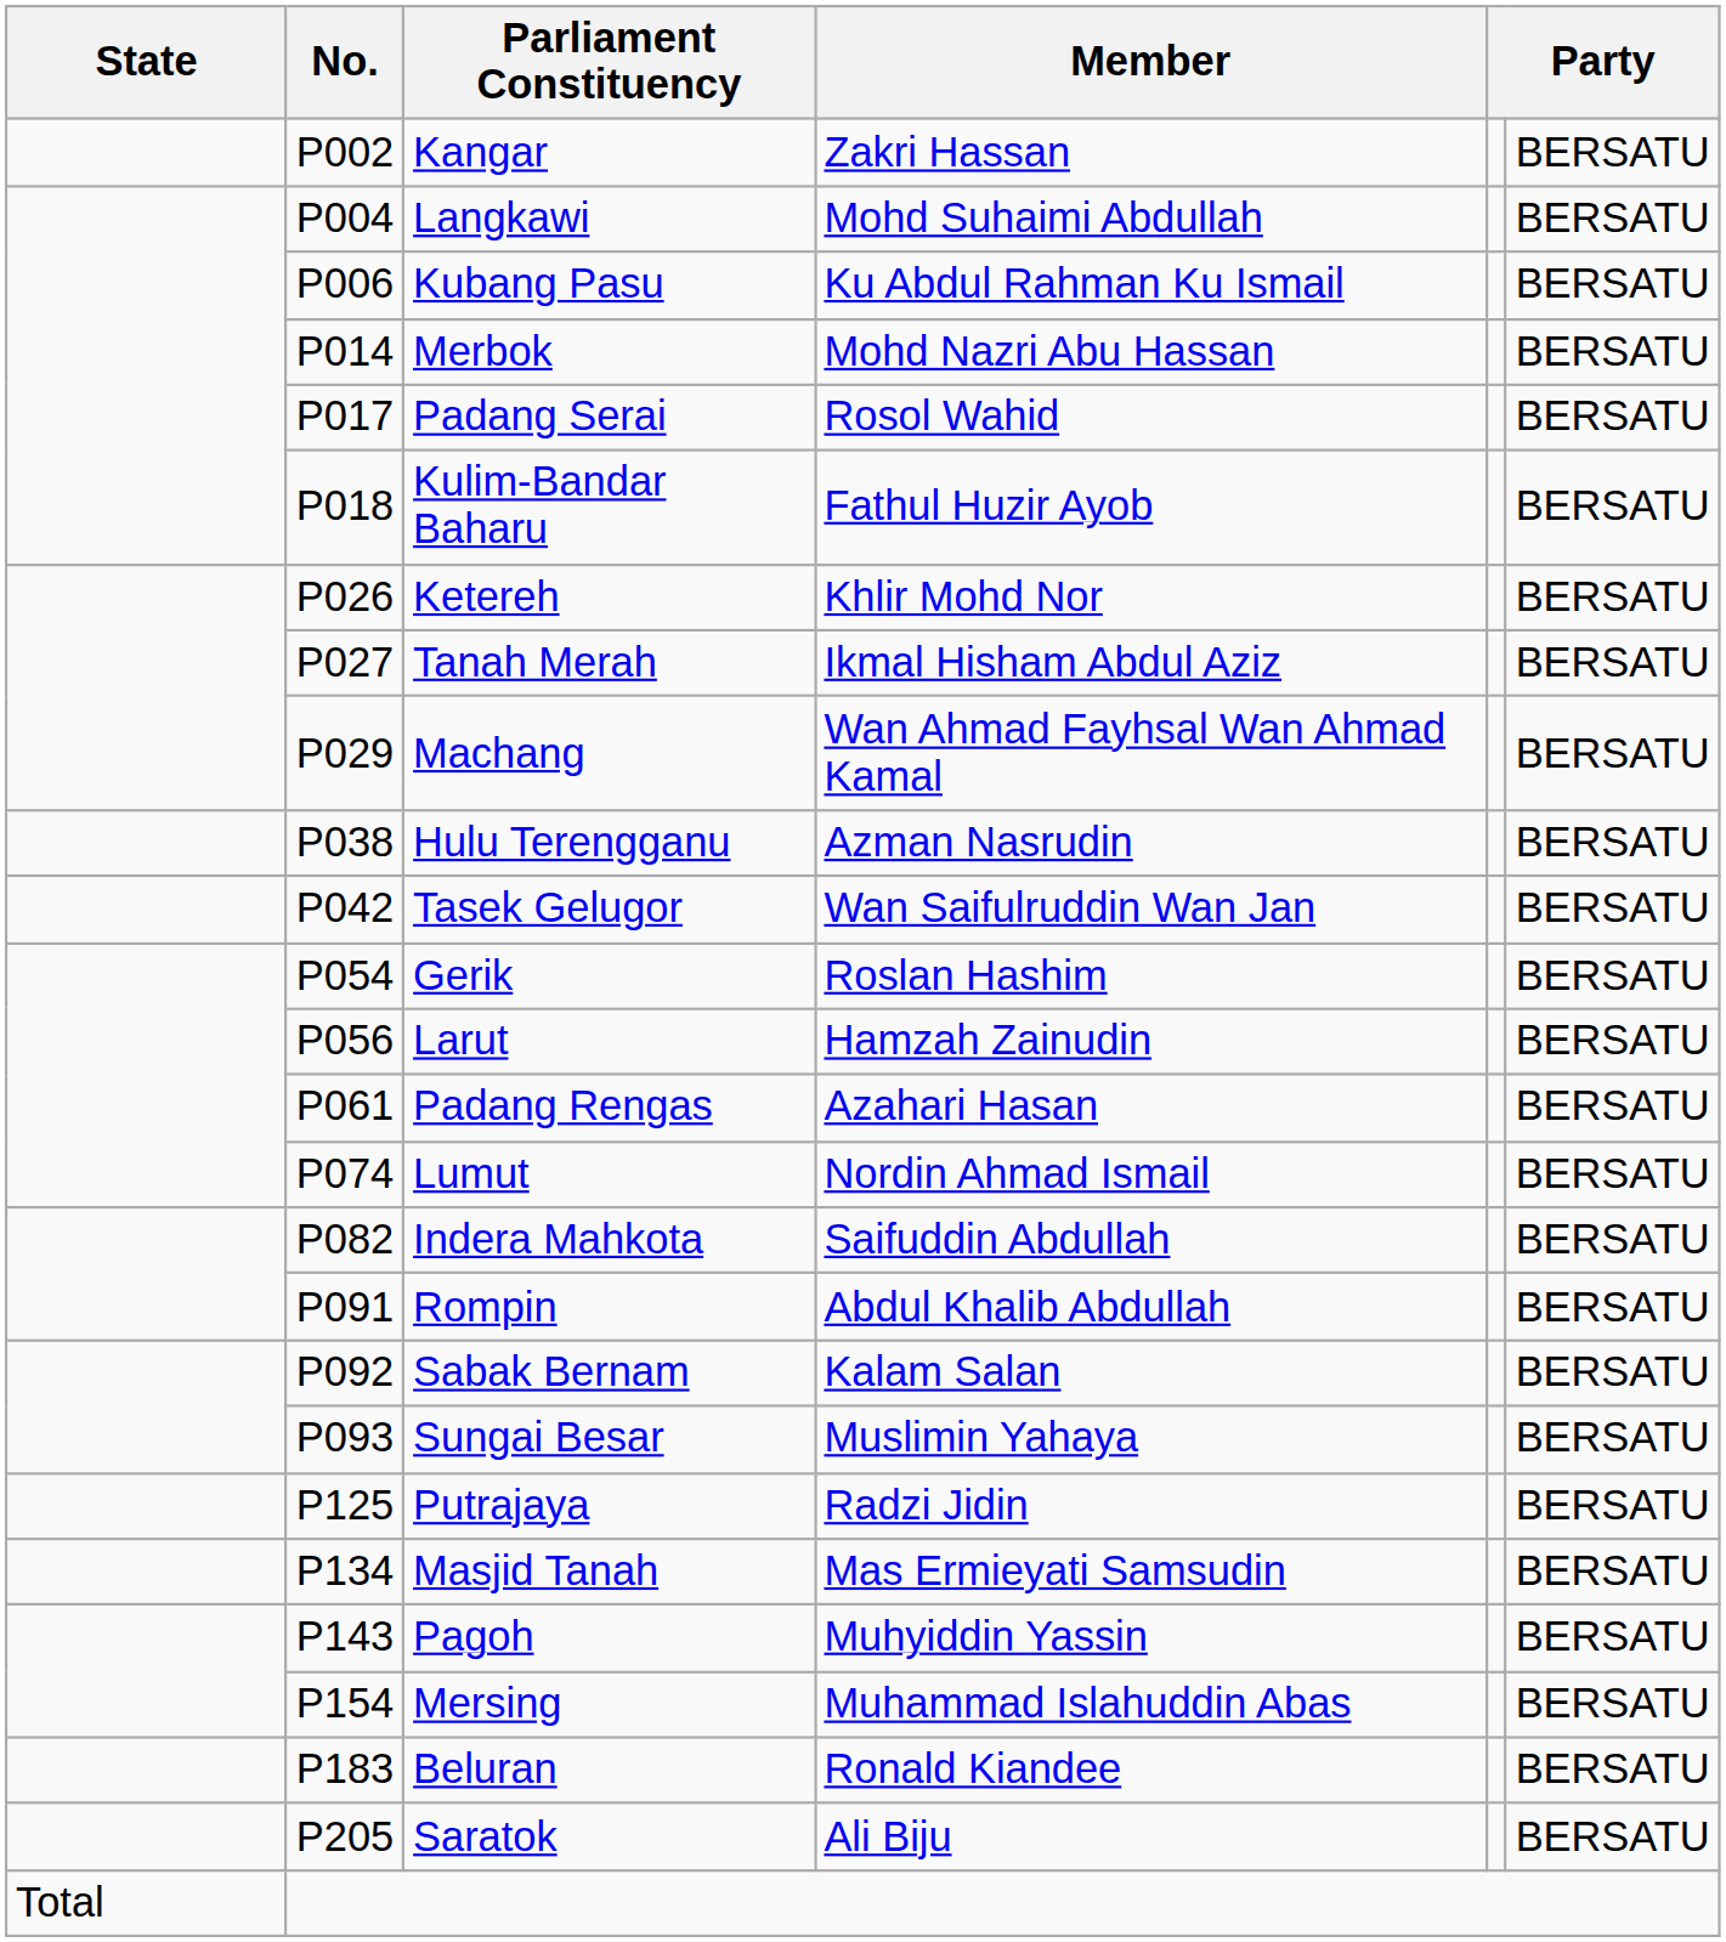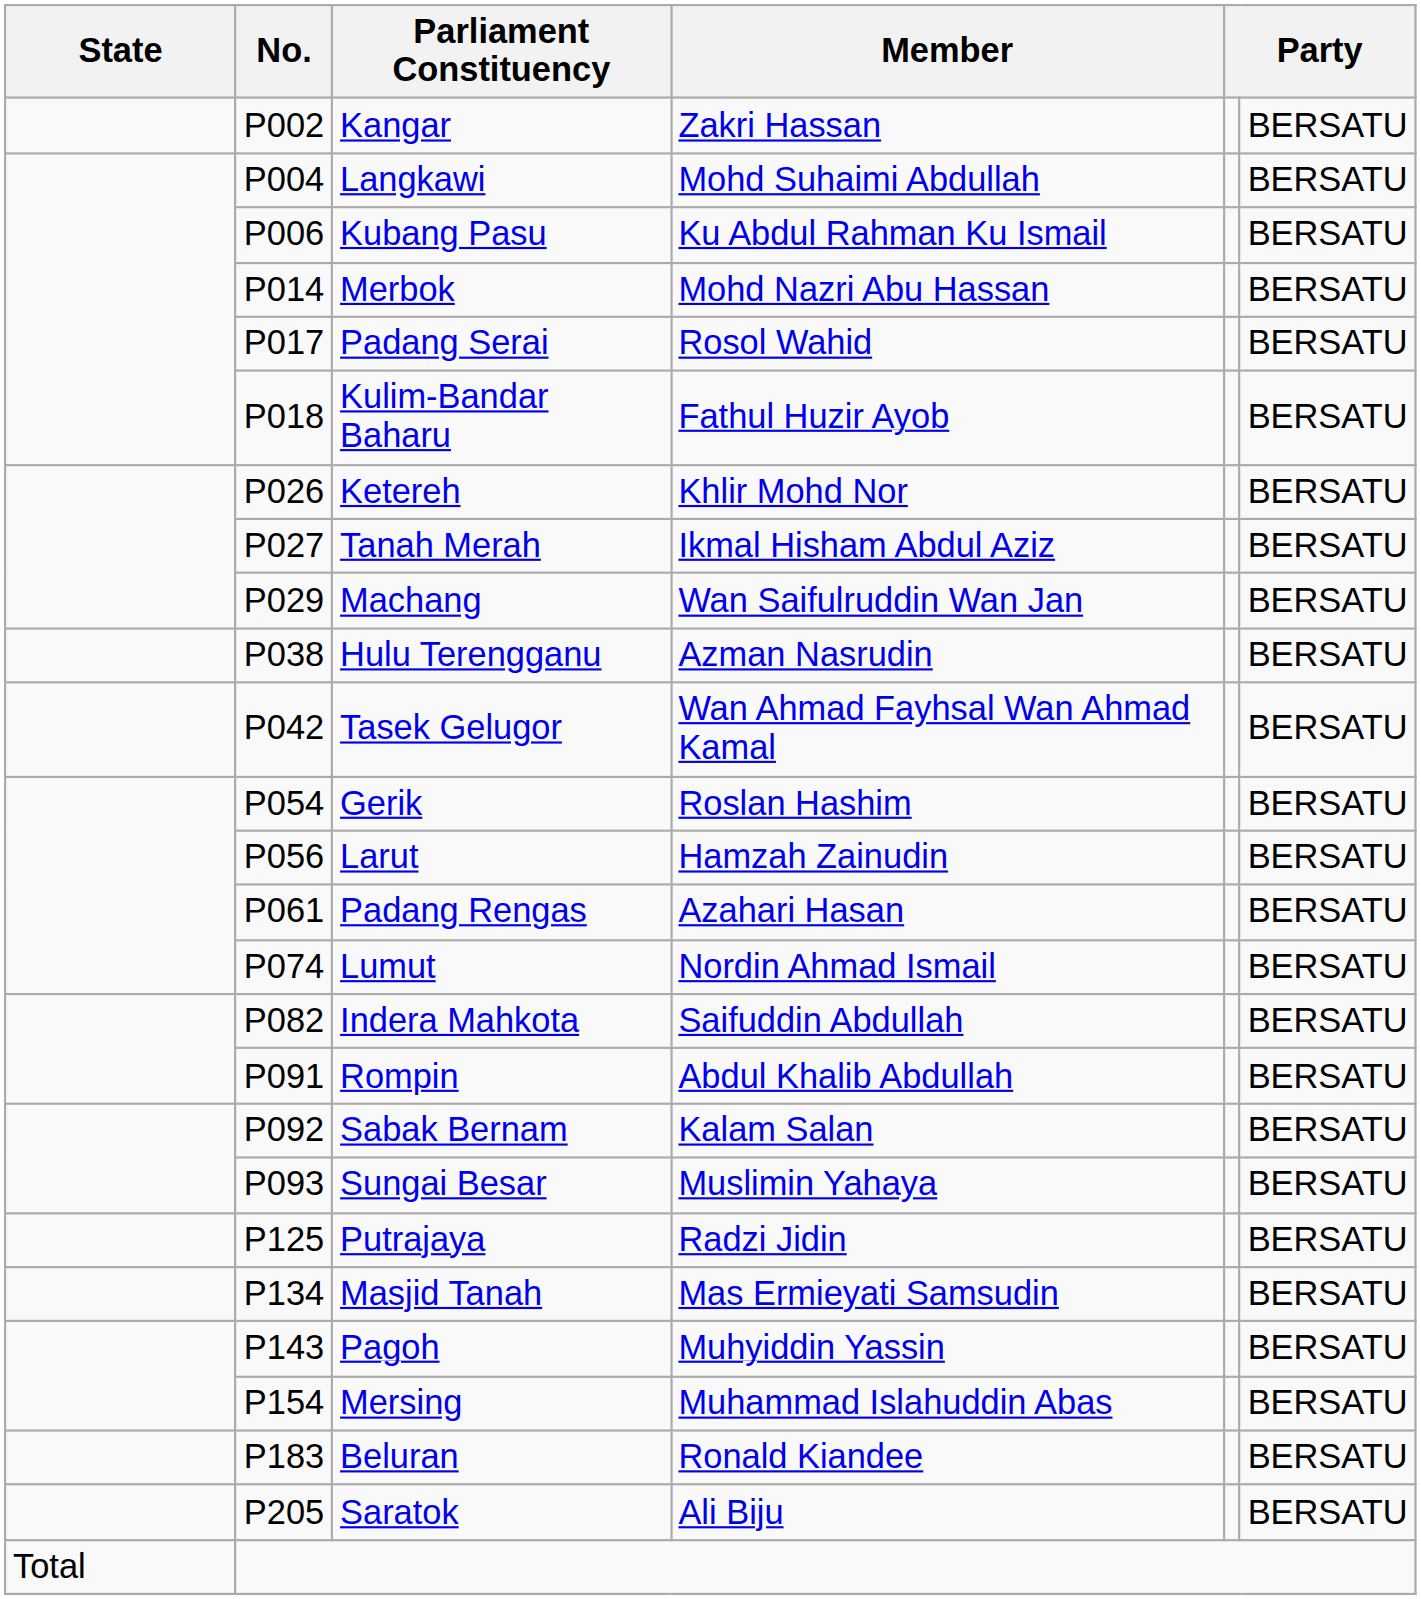 <table class ="wikitable sortable">
 <tr>
 <th style="width:100px;">State</th>
 <th style="width:30px;">No.</th>
 <th style="width:150px;">Parliament Constituency</th>
 <th style="width:250px;">Member</th>
 <th style="width:80px;" colspan=2>Party</th>
 </tr>
 <tr>
 <td rowspan=1></td>
 <td>P002</td>
 <td><a href='#'>Kangar</a></td>
 <td><a href='#'>Zakri Hassan</a></td>
 <td></td>
 <td>BERSATU</td>
 </tr>
 <tr>
 <td rowspan=5></td>
 <td>P004</td>
 <td><a href='#'>Langkawi</a></td>
 <td><a href='#'>Mohd Suhaimi Abdullah</a></td>
 <td></td>
 <td>BERSATU</td>
 </tr>
 <tr>
 <td>P006</td>
 <td><a href='#'>Kubang Pasu</a></td>
 <td><a href='#'>Ku Abdul Rahman Ku Ismail</a></td>
 <td></td>
 <td>BERSATU</td>
 </tr>
 <tr>
 <td>P014</td>
 <td><a href='#'>Merbok</a></td>
 <td><a href='#'>Mohd Nazri Abu Hassan</a></td>
 <td></td>
 <td>BERSATU</td>
 </tr>
 <tr>
 <td>P017</td>
 <td><a href='#'>Padang Serai</a></td>
 <td><a href='#'>Rosol Wahid</a></td>
 <td></td>
 <td>BERSATU</td>
 </tr>
 <tr>
 <td>P018</td>
 <td><a href='#'>Kulim-Bandar Baharu</a></td>
 <td><a href='#'>Fathul Huzir Ayob</a></td>
 <td></td>
 <td>BERSATU</td>
 </tr>
 <tr>
 <td rowspan=3></td>
 <td>P026</td>
 <td><a href='#'>Ketereh</a></td>
 <td><a href='#'>Khlir Mohd Nor</a></td>
 <td></td>
 <td>BERSATU</td>
 </tr>
 <tr>
 <td>P027</td>
 <td><a href='#'>Tanah Merah</a></td>
 <td><a href='#'>Ikmal Hisham Abdul Aziz</a></td>
 <td></td>
 <td>BERSATU</td>
 </tr>
 <tr>
 <td>P029</td>
 <td><a href='#'>Machang</a></td>
-<td><a href='#'>Wan Ahmad Fayhsal Wan Ahmad Kamal</a></td>
+<td><a href='#'>Wan Saifulruddin Wan Jan</a></td>
 <td></td>
 <td>BERSATU</td>
 </tr>
 <tr>
 <td></td>
 <td>P038</td>
 <td><a href='#'>Hulu Terengganu</a></td>
 <td><a href='#'>Azman Nasrudin</a></td>
 <td></td>
 <td>BERSATU</td>
 </tr>
 <tr>
 <td></td>
 <td>P042</td>
 <td><a href='#'>Tasek Gelugor</a></td>
-<td><a href='#'>Wan Saifulruddin Wan Jan</a></td>
+<td><a href='#'>Wan Ahmad Fayhsal Wan Ahmad Kamal</a></td>
 <td></td>
 <td>BERSATU</td>
 </tr>
 <tr>
 <td rowspan=4></td>
 <td>P054</td>
 <td><a href='#'>Gerik</a></td>
 <td><a href='#'>Roslan Hashim</a></td>
 <td></td>
 <td>BERSATU</td>
 </tr>
 <tr>
 <td>P056</td>
 <td><a href='#'>Larut</a></td>
 <td><a href='#'>Hamzah Zainudin</a></td>
 <td></td>
 <td>BERSATU</td>
 </tr>
 <tr>
 <td>P061</td>
 <td><a href='#'>Padang Rengas</a></td>
 <td><a href='#'>Azahari Hasan</a></td>
 <td></td>
 <td>BERSATU</td>
 </tr>
 <tr>
 <td>P074</td>
 <td><a href='#'>Lumut</a></td>
 <td><a href='#'>Nordin Ahmad Ismail</a></td>
 <td></td>
 <td>BERSATU</td>
 </tr>
 <tr>
 <td rowspan=2></td>
 <td>P082</td>
 <td><a href='#'>Indera Mahkota</a></td>
 <td><a href='#'>Saifuddin Abdullah</a></td>
 <td></td>
 <td>BERSATU</td>
 </tr>
 <tr>
 <td>P091</td>
 <td><a href='#'>Rompin</a></td>
 <td><a href='#'>Abdul Khalib Abdullah</a></td>
 <td></td>
 <td>BERSATU</td>
 </tr>
 <tr>
 <td rowspan="2"></td>
 <td>P092</td>
 <td><a href='#'>Sabak Bernam</a></td>
 <td><a href='#'>Kalam Salan</a></td>
 <td></td>
 <td>BERSATU</td>
 </tr>
 <tr>
 <td>P093</td>
 <td><a href='#'>Sungai Besar</a></td>
 <td><a href='#'>Muslimin Yahaya</a></td>
 <td></td>
 <td>BERSATU</td>
 </tr>
 <tr>
 <td rowspan=1></td>
 <td>P125</td>
 <td><a href='#'>Putrajaya</a></td>
 <td><a href='#'>Radzi Jidin</a></td>
 <td></td>
 <td>BERSATU</td>
 </tr>
 <tr>
 <td rowspan=1></td>
 <td>P134</td>
 <td><a href='#'>Masjid Tanah</a></td>
 <td><a href='#'>Mas Ermieyati Samsudin</a></td>
 <td></td>
 <td>BERSATU</td>
 </tr>
 <tr>
 <td rowspan="2"></td>
 <td>P143</td>
 <td><a href='#'>Pagoh</a></td>
 <td><a href='#'>Muhyiddin Yassin</a></td>
 <td></td>
 <td>BERSATU</td>
 </tr>
 <tr>
 <td>P154</td>
 <td><a href='#'>Mersing</a></td>
 <td><a href='#'>Muhammad Islahuddin Abas</a></td>
 <td></td>
 <td>BERSATU</td>
 </tr>
 <tr>
 <td rowspan=1></td>
 <td>P183</td>
 <td><a href='#'>Beluran</a></td>
 <td><a href='#'>Ronald Kiandee</a></td>
 <td></td>
 <td>BERSATU</td>
 </tr>
 <tr>
 <td rowspan=1></td>
 <td>P205</td>
 <td><a href='#'>Saratok</a></td>
 <td><a href='#'>Ali Biju</a></td>
 <td></td>
 <td>BERSATU</td>
 </tr>
 <tr>
 <td>Total</td>
 <td colspan="5" style="width:30px;"></td>
 </tr>
 </table>
